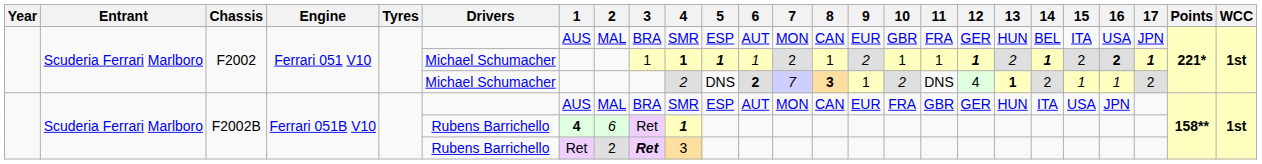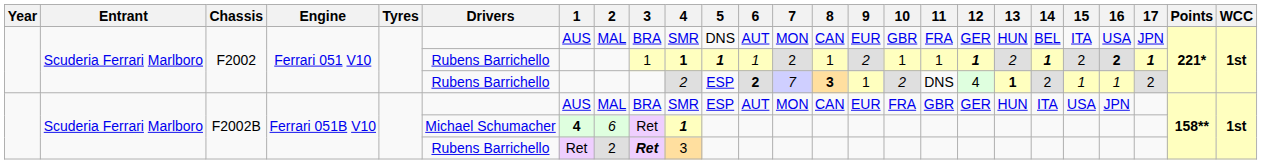 <table class="wikitable" style="text-align:center; font-size:95%">
 <tr>
 <th>Year</th>
 <th>Entrant</th>
 <th>Chassis</th>
 <th>Engine</th>
 <th>Tyres</th>
 <th>Drivers</th>
 <th>1</th>
 <th>2</th>
 <th>3</th>
 <th>4</th>
 <th>5</th>
 <th>6</th>
 <th>7</th>
 <th>8</th>
 <th>9</th>
 <th>10</th>
 <th>11</th>
 <th>12</th>
 <th>13</th>
 <th>14</th>
 <th>15</th>
 <th>16</th>
 <th>17</th>
 <th>Points</th>
 <th>WCC</th>
 </tr>
 <tr>
 <td rowspan="3"></td>
 <td rowspan="3"><a href='#'>Scuderia Ferrari</a> <a href='#'>Marlboro</a></td>
 <td rowspan="3">F2002</td>
 <td rowspan="3"><a href='#'>Ferrari 051</a> <a href='#'>V10</a></td>
 <td rowspan="3"></td>
 <td></td>
 <td><a href='#'>AUS</a></td>
 <td><a href='#'>MAL</a></td>
 <td><a href='#'>BRA</a></td>
 <td><a href='#'>SMR</a></td>
-<td><a href='#'>ESP</a></td>
+<td>DNS</td>
 <td><a href='#'>AUT</a></td>
 <td><a href='#'>MON</a></td>
 <td><a href='#'>CAN</a></td>
 <td><a href='#'>EUR</a></td>
 <td><a href='#'>GBR</a></td>
 <td><a href='#'>FRA</a></td>
 <td><a href='#'>GER</a></td>
 <td><a href='#'>HUN</a></td>
 <td><a href='#'>BEL</a></td>
 <td><a href='#'>ITA</a></td>
 <td><a href='#'>USA</a></td>
 <td><a href='#'>JPN</a></td>
 <td rowspan="3" style="background:#FFFFBF;"><strong>221*</strong></td>
 <td rowspan="3" style="background:#FFFFBF;"><strong>1st</strong></td>
 </tr>
 <tr>
-<td> <a href='#'>Michael Schumacher</a></td>
+<td> <a href='#'>Rubens Barrichello</a></td>
 <td></td>
 <td></td>
 <td style="background:#FFFFBF;">1</td>
 <td style="background:#FFFFBF;"><strong>1</strong></td>
 <td style="background:#FFFFBF;"><strong><em>1</em></strong></td>
 <td style="background:#FFFFBF;"><em>1</em></td>
 <td style="background:#dfdfdf;">2</td>
 <td style="background:#FFFFBF;">1</td>
 <td style="background:#dfdfdf;"><em>2</em></td>
 <td style="background:#FFFFBF;">1</td>
 <td style="background:#FFFFBF;">1</td>
 <td style="background:#FFFFBF;"><strong><em>1</em></strong></td>
 <td style="background:#dfdfdf;"><em>2</em></td>
 <td style="background:#FFFFBF;"><strong><em>1</em></strong></td>
 <td style="background:#DFdfdf;">2</td>
 <td style="background:#dfdfdf;"><strong>2</strong></td>
 <td style="background:#FFFFBF;"><strong><em>1</em></strong></td>
 </tr>
 <tr>
-<td> <a href='#'>Michael Schumacher</a></td>
+<td> <a href='#'>Rubens Barrichello</a></td>
 <td></td>
 <td></td>
 <td></td>
 <td style="background:#dfdfdf;"><em>2</em></td>
-<td>DNS</td>
+<td><a href='#'>ESP</a></td>
 <td style="background:#dfdfdf;"><strong>2</strong></td>
 <td style="background:#CFCFFF;"><em>7</em></td>
 <td style="background:#FFDF9F;"><strong>3</strong></td>
 <td style="background:#ffffbf;">1</td>
 <td style="background:#dfdfdf;"><em>2</em></td>
 <td>DNS</td>
 <td style="background:#DFFFDF;">4</td>
 <td style="background:#FFFFBF;"><strong>1</strong></td>
 <td style="background:#DFdFDF;">2</td>
 <td style="background:#FFFFBF;"><em>1</em></td>
 <td style="background:#FFFFBF;"><em>1</em></td>
 <td style="background:#DFdFDF;">2</td>
 </tr>
 <tr>
 <td rowspan="3"></td>
 <td rowspan="3"><a href='#'>Scuderia Ferrari</a> <a href='#'>Marlboro</a></td>
 <td rowspan="3">F2002B</td>
 <td rowspan="3"><a href='#'>Ferrari 051B</a> <a href='#'>V10</a></td>
 <td rowspan="3"></td>
 <td></td>
 <td><a href='#'>AUS</a></td>
 <td><a href='#'>MAL</a></td>
 <td><a href='#'>BRA</a></td>
 <td><a href='#'>SMR</a></td>
 <td><a href='#'>ESP</a></td>
 <td><a href='#'>AUT</a></td>
 <td><a href='#'>MON</a></td>
 <td><a href='#'>CAN</a></td>
 <td><a href='#'>EUR</a></td>
 <td><a href='#'>FRA</a></td>
 <td><a href='#'>GBR</a></td>
 <td><a href='#'>GER</a></td>
 <td><a href='#'>HUN</a></td>
 <td><a href='#'>ITA</a></td>
 <td><a href='#'>USA</a></td>
 <td><a href='#'>JPN</a></td>
 <td></td>
 <td rowspan="3" style="background:#FFFFBF;"><strong>158**</strong></td>
 <td rowspan="3" style="background:#FFFFBF;"><strong>1st</strong></td>
 </tr>
 <tr>
-<td> <a href='#'>Rubens Barrichello</a></td>
+<td> <a href='#'>Michael Schumacher</a></td>
 <td style="background:#DFFFDF;"><strong>4</strong></td>
 <td style="background:#DFFFDF;"><em>6</em></td>
 <td style="background:#EFCFFF;">Ret</td>
 <td style="background:#FFFFBF;"><strong><em>1</em></strong></td>
 <td></td>
 <td></td>
 <td></td>
 <td></td>
 <td></td>
 <td></td>
 <td></td>
 <td></td>
 <td></td>
 <td></td>
 <td></td>
 <td></td>
 <td></td>
 </tr>
 <tr>
 <td> <a href='#'>Rubens Barrichello</a></td>
 <td style="background:#EFCFFF;">Ret</td>
 <td style="background:#dfdfdf;">2</td>
 <td style="background:#EFCFFF;"><strong><em>Ret</em></strong></td>
 <td style="background:#FFDF9F;">3</td>
 <td></td>
 <td></td>
 <td></td>
 <td></td>
 <td></td>
 <td></td>
 <td></td>
 <td></td>
 <td></td>
 <td></td>
 <td></td>
 <td></td>
 <td></td>
 </tr>
 </table>
